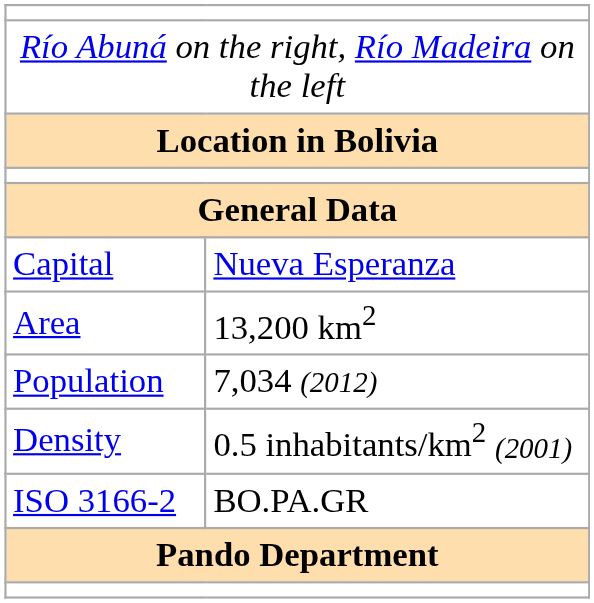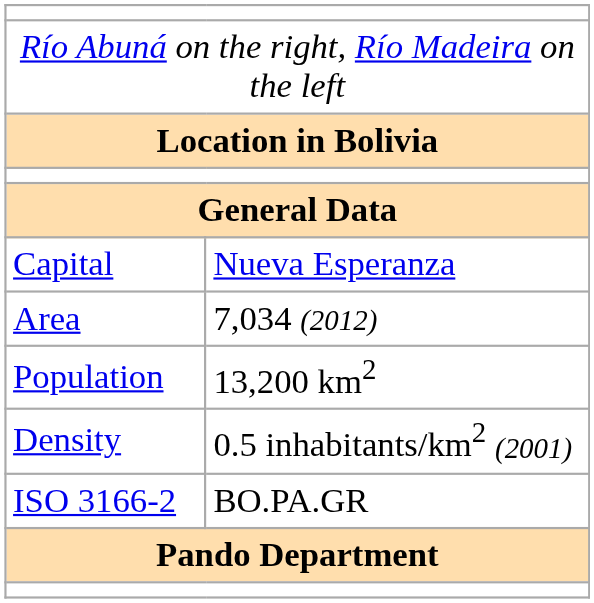 <table border=1 align=right cellpadding=3 cellspacing=0 width=270 style="margin: 0 0 1em 1em; border: 1px #aaa solid; border-collapse: collapse;">
 <tr>
 <td colspan="2" align="center" bgcolor="#ffffff"></td>
 </tr>
 <tr>
 <td colspan="2" align="center" bgcolor="#ffffff"><em><a href='#'>Río Abuná</a> on the right, <a href='#'>Río Madeira</a> on the left</em></td>
 </tr>
 <tr>
 <th colspan="2" bgcolor="#FFDEAD">Location in Bolivia</th>
 </tr>
 <tr>
 <td colspan="2" align="center" bgcolor="#ffffff"></td>
 </tr>
 <tr>
 <th colspan="2" bgcolor="#FFDEAD">General Data</th>
 </tr>
 <tr>
 <td><a href='#'>Capital</a></td>
 <td><a href='#'>Nueva Esperanza</a></td>
 </tr>
 <tr>
 <td><a href='#'>Area</a></td>
-<td>13,200 km<sup>2</sup></td>
+<td>7,034 <em><small>(2012)</small></em></td>
 </tr>
 <tr>
 <td><a href='#'>Population</a></td>
-<td>7,034 <em><small>(2012)</small></em></td>
+<td>13,200 km<sup>2</sup></td>
 </tr>
 <tr>
 <td><a href='#'>Density</a></td>
 <td>0.5 inhabitants/km<sup>2</sup> <em><small>(2001)</small></em></td>
 </tr>
 <tr>
 <td><a href='#'>ISO 3166-2</a></td>
 <td>BO.PA.GR</td>
 </tr>
 <tr>
 <th colspan="2" bgcolor="#FFDEAD">Pando Department</th>
 </tr>
 <tr>
 <td colspan="2" align="center" bgcolor="#ffffff"></td>
 </tr>
 </table>
